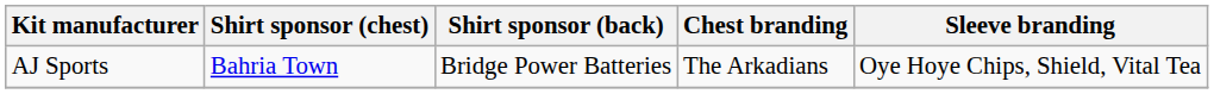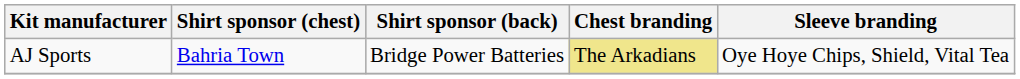 <table class="wikitable"  style="font-size:85%;">
 <tr>
 <th>Kit manufacturer</th>
 <th>Shirt sponsor (chest)</th>
 <th>Shirt sponsor (back)</th>
 <th>Chest branding</th>
 <th>Sleeve branding</th>
 </tr>
 <tr>
 <td>AJ Sports</td>
 <td><a href='#'>Bahria Town</a></td>
 <td>Bridge Power Batteries</td>
-<td>The Arkadians</td>
+<td style="background: khaki;">The Arkadians</td>
 <td>Oye Hoye Chips, Shield, Vital Tea</td>
 </tr>
 <tr>
 </tr>
 </table>
